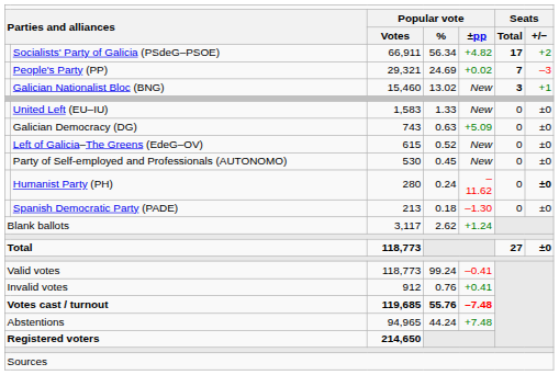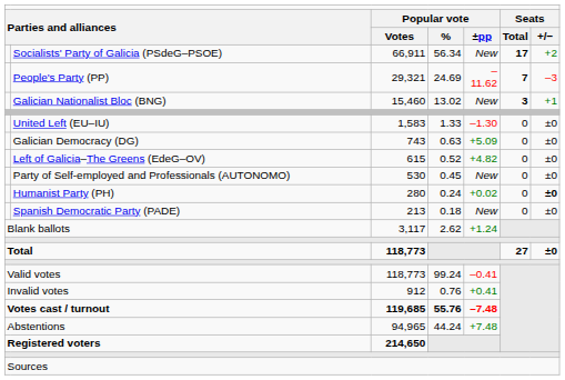 <table class="wikitable" style="text-align:right;">
 <tr>
 <td colspan="7"></td>
 </tr>
 <tr>
 <th style="text-align:left;" rowspan="2" colspan="2" width="525">Parties and alliances</th>
 <th colspan="3">Popular vote</th>
 <th colspan="2">Seats</th>
 </tr>
 <tr>
 <th width="75">Votes</th>
 <th width="45">%</th>
 <th width="45">±<a href='#'>pp</a></th>
 <th width="35">Total</th>
 <th width="35">+/−</th>
 </tr>
 <tr>
 <td width="1" style="color:inherit;background:"></td>
 <td align="left"><a href='#'>Socialists' Party of Galicia</a> (PSdeG–PSOE)</td>
 <td>66,911</td>
 <td>56.34</td>
-<td style="color:green;">+4.82</td>
+<td><em>New</em></td>
 <td><strong>17</strong></td>
 <td style="color:green;">+2</td>
 </tr>
 <tr>
 <td style="color:inherit;background:"></td>
 <td align="left"><a href='#'>People's Party</a> (PP)</td>
 <td>29,321</td>
 <td>24.69</td>
-<td style="color:green;">+0.02</td>
+<td style="color:red;">–11.62</td>
 <td><strong>7</strong></td>
 <td style="color:red;">–3</td>
 </tr>
 <tr>
 <td style="color:inherit;background:"></td>
 <td align="left"><a href='#'>Galician Nationalist Bloc</a> (BNG)</td>
 <td>15,460</td>
 <td>13.02</td>
 <td><em>New</em></td>
 <td><strong>3</strong></td>
 <td style="color:green;">+1</td>
 </tr>
 <tr>
 <td colspan="7" bgcolor="#C0C0C0"></td>
 </tr>
 <tr>
 <td style="color:inherit;background:"></td>
 <td align="left"><a href='#'>United Left</a> (EU–IU)</td>
 <td>1,583</td>
 <td>1.33</td>
-<td><em>New</em></td>
+<td style="color:red;">–1.30</td>
 <td>0</td>
 <td>±0</td>
 </tr>
 <tr>
 <td style="color:inherit;background:"></td>
 <td align="left">Galician Democracy (DG)</td>
 <td>743</td>
 <td>0.63</td>
 <td style="color:green;">+5.09</td>
 <td>0</td>
 <td>±0</td>
 </tr>
 <tr>
 <td style="color:inherit;background:"></td>
 <td align="left"><a href='#'>Left of Galicia</a>–<a href='#'>The Greens</a> (EdeG–OV)</td>
 <td>615</td>
 <td>0.52</td>
-<td><em>New</em></td>
+<td style="color:green;">+4.82</td>
 <td>0</td>
 <td>±0</td>
 </tr>
 <tr>
 <td style="color:inherit;background:"></td>
 <td align="left">Party of Self-employed and Professionals (AUTONOMO)</td>
 <td>530</td>
 <td>0.45</td>
 <td><em>New</em></td>
 <td>0</td>
 <td>±0</td>
 </tr>
 <tr>
 <td style="color:inherit;background:"></td>
 <td align="left"><a href='#'>Humanist Party</a> (PH)</td>
 <td>280</td>
 <td>0.24</td>
-<td style="color:red;">–11.62</td>
+<td style="color:green;">+0.02</td>
 <td>0</td>
 <td><strong>±0</strong></td>
 </tr>
 <tr>
 <td style="color:inherit;background:"></td>
 <td align="left"><a href='#'>Spanish Democratic Party</a> (PADE)</td>
 <td>213</td>
 <td>0.18</td>
-<td style="color:red;">–1.30</td>
+<td><em>New</em></td>
 <td>0</td>
 <td>±0</td>
 </tr>
 <tr>
 <td align="left" colspan="2">Blank ballots</td>
 <td>3,117</td>
 <td>2.62</td>
 <td style="color:green;">+1.24</td>
 <td bgcolor="#E9E9E9" colspan="2"></td>
 </tr>
 <tr>
 <td colspan="7" bgcolor="#E9E9E9"></td>
 </tr>
 <tr style="font-weight:bold;">
 <td align="left" colspan="2">Total</td>
 <td>118,773</td>
 <td bgcolor="#E9E9E9" colspan="2"></td>
 <td>27</td>
 <td>±0</td>
 </tr>
 <tr>
 <td colspan="7" bgcolor="#E9E9E9"></td>
 </tr>
 <tr>
 <td align="left" colspan="2">Valid votes</td>
 <td>118,773</td>
 <td>99.24</td>
 <td style="color:red;">–0.41</td>
 <td bgcolor="#E9E9E9" colspan="2" rowspan="5"></td>
 </tr>
 <tr>
 <td align="left" colspan="2">Invalid votes</td>
 <td>912</td>
 <td>0.76</td>
 <td style="color:green;">+0.41</td>
 </tr>
 <tr style="font-weight:bold;">
 <td align="left" colspan="2">Votes cast / turnout</td>
 <td>119,685</td>
 <td>55.76</td>
 <td style="color:red;">–7.48</td>
 </tr>
 <tr>
 <td align="left" colspan="2">Abstentions</td>
 <td>94,965</td>
 <td>44.24</td>
 <td style="color:green;">+7.48</td>
 </tr>
 <tr style="font-weight:bold;">
 <td align="left" colspan="2">Registered voters</td>
 <td>214,650</td>
 <td bgcolor="#E9E9E9" colspan="2"></td>
 </tr>
 <tr>
 <td colspan="7" bgcolor="#E9E9E9"></td>
 </tr>
 <tr>
 <td align="left" colspan="7">Sources</td>
 </tr>
 </table>
